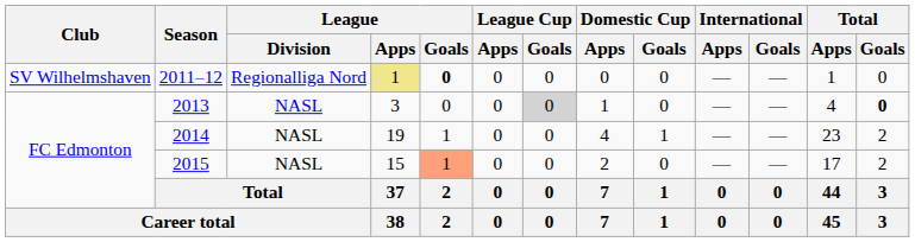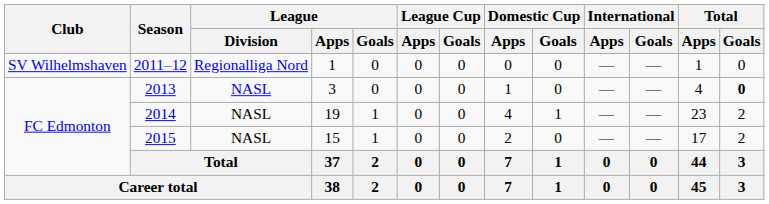 <table class="wikitable" style="text-align:center">
 <tr>
 <th rowspan="2">Club</th>
 <th rowspan="2">Season</th>
 <th colspan="3">League</th>
 <th colspan="2">League Cup</th>
 <th colspan="2">Domestic Cup</th>
 <th colspan="2">International</th>
 <th colspan="2">Total</th>
 </tr>
 <tr>
 <th>Division</th>
 <th>Apps</th>
 <th>Goals</th>
 <th>Apps</th>
 <th>Goals</th>
 <th>Apps</th>
 <th>Goals</th>
 <th>Apps</th>
 <th>Goals</th>
 <th>Apps</th>
 <th>Goals</th>
 </tr>
 <tr>
 <td><a href='#'>SV Wilhelmshaven</a></td>
 <td><a href='#'>2011–12</a></td>
 <td><a href='#'>Regionalliga Nord</a></td>
-<td style="background: khaki;">1</td>
-<td><strong>0</strong></td>
+<td>1</td>
+<td>0</td>
 <td>0</td>
 <td>0</td>
 <td>0</td>
 <td>0</td>
 <td>—</td>
 <td>—</td>
 <td>1</td>
 <td>0</td>
 </tr>
 <tr>
 <td rowspan="4"><a href='#'>FC Edmonton</a></td>
 <td><a href='#'>2013</a></td>
 <td><a href='#'>NASL</a></td>
 <td>3</td>
 <td>0</td>
 <td>0</td>
-<td style="background: lightgrey;">0</td>
+<td>0</td>
 <td>1</td>
 <td>0</td>
 <td>—</td>
 <td>—</td>
 <td>4</td>
 <td><strong>0</strong></td>
 </tr>
 <tr>
 <td><a href='#'>2014</a></td>
 <td>NASL</td>
 <td>19</td>
 <td>1</td>
 <td>0</td>
 <td>0</td>
 <td>4</td>
 <td>1</td>
 <td>—</td>
 <td>—</td>
 <td>23</td>
 <td>2</td>
 </tr>
 <tr>
 <td><a href='#'>2015</a></td>
 <td>NASL</td>
 <td>15</td>
-<td style="background: lightsalmon;">1</td>
+<td>1</td>
 <td>0</td>
 <td>0</td>
 <td>2</td>
 <td>0</td>
 <td>—</td>
 <td>—</td>
 <td>17</td>
 <td>2</td>
 </tr>
 <tr>
 <th colspan="2">Total</th>
 <th>37</th>
 <th>2</th>
 <th>0</th>
 <th>0</th>
 <th>7</th>
 <th>1</th>
 <th>0</th>
 <th>0</th>
 <th>44</th>
 <th>3</th>
 </tr>
 <tr>
 <th colspan="3">Career total</th>
 <th>38</th>
 <th>2</th>
 <th>0</th>
 <th>0</th>
 <th>7</th>
 <th>1</th>
 <th>0</th>
 <th>0</th>
 <th>45</th>
 <th>3</th>
 </tr>
 </table>
